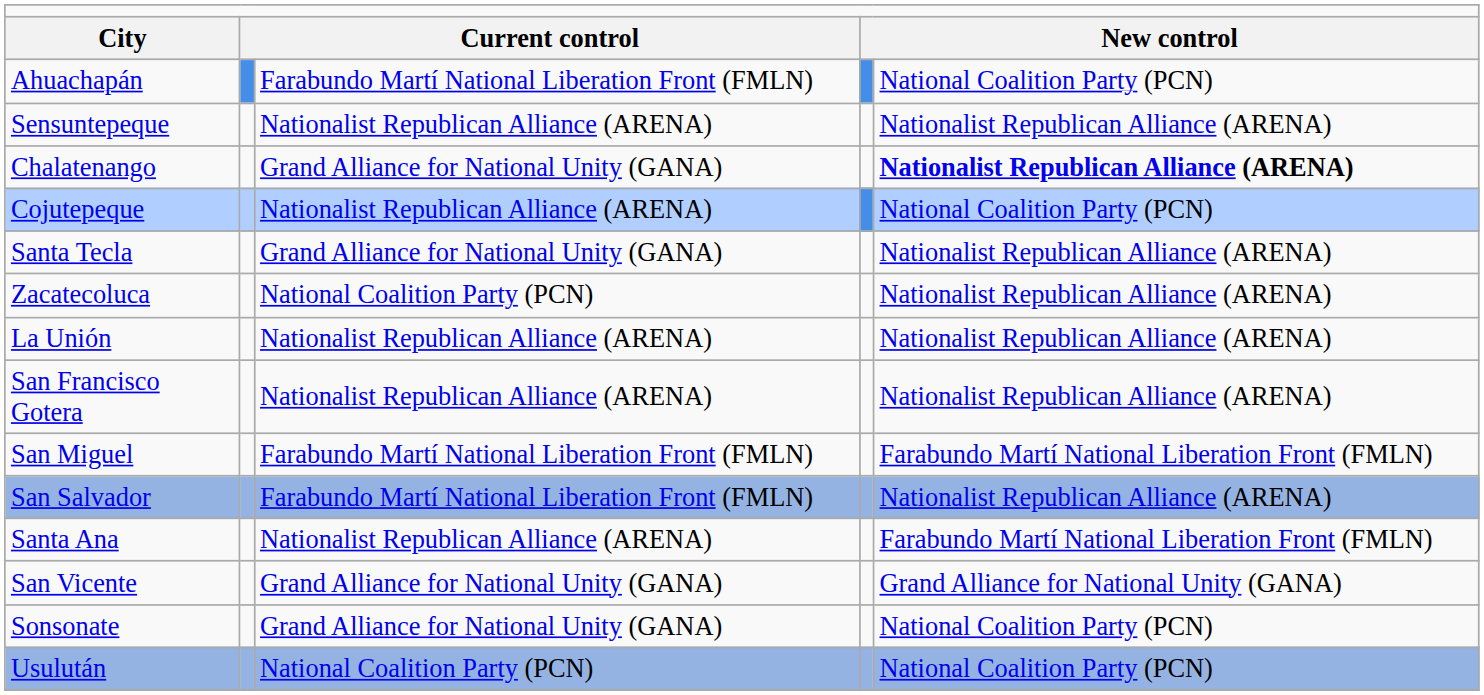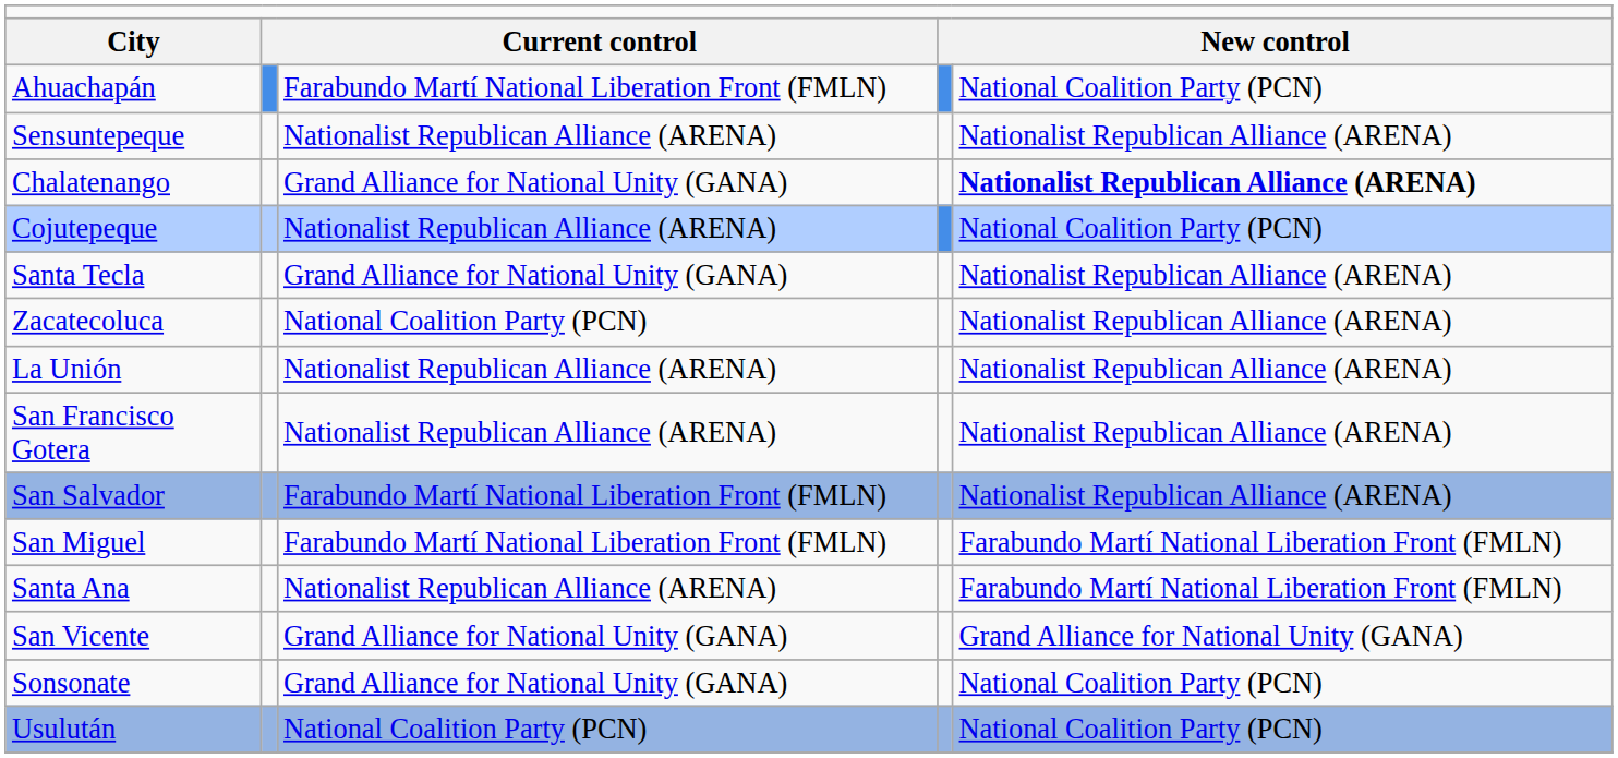 <table class="wikitable" style="font-size:97%;">
 <tr>
 <td colspan=5 align=center></td>
 </tr>
 <tr>
 <th>City</th>
 <th colspan="2" style="width:375px;">Current control</th>
 <th colspan="2" style="width:375px;">New control</th>
 </tr>
 <tr>
 <td><a href='#'>Ahuachapán</a></td>
 <td width="1" bgcolor=#448de8></td>
 <td><a href='#'>Farabundo Martí National Liberation Front</a> (FMLN)</td>
 <td width="1" bgcolor=#448de8></td>
 <td><a href='#'>National Coalition Party</a> (PCN)</td>
 </tr>
 <tr>
 <td><a href='#'>Sensuntepeque</a></td>
 <td width="1"></td>
 <td><a href='#'>Nationalist Republican Alliance</a> (ARENA)</td>
 <td width="1"></td>
 <td><a href='#'>Nationalist Republican Alliance</a> (ARENA)</td>
 </tr>
 <tr>
 <td><a href='#'>Chalatenango</a></td>
 <td width="1"></td>
 <td><a href='#'>Grand Alliance for National Unity</a> (GANA)</td>
 <td width="1"></td>
 <td><strong><a href='#'>Nationalist Republican Alliance</a> (ARENA)</strong></td>
 </tr>
 <tr bgcolor="#B0CEFF" |>
 <td><a href='#'>Cojutepeque</a></td>
 <td width="1"></td>
 <td><a href='#'>Nationalist Republican Alliance</a> (ARENA)</td>
 <td width="1" bgcolor=#448de8></td>
 <td><a href='#'>National Coalition Party</a> (PCN)</td>
 </tr>
 <tr>
 <td><a href='#'>Santa Tecla</a></td>
 <td width="1"></td>
 <td><a href='#'>Grand Alliance for National Unity</a> (GANA)</td>
 <td width="1"></td>
 <td><a href='#'>Nationalist Republican Alliance</a> (ARENA)</td>
 </tr>
 <tr>
 <td><a href='#'>Zacatecoluca</a></td>
 <td width="1"></td>
 <td><a href='#'>National Coalition Party</a> (PCN)</td>
 <td width="1"></td>
 <td><a href='#'>Nationalist Republican Alliance</a> (ARENA)</td>
 </tr>
 <tr>
 <td><a href='#'>La Unión</a></td>
 <td width="1"></td>
 <td><a href='#'>Nationalist Republican Alliance</a> (ARENA)</td>
 <td width="1"></td>
 <td><a href='#'>Nationalist Republican Alliance</a> (ARENA)</td>
 </tr>
 <tr>
 <td><a href='#'>San Francisco Gotera</a></td>
 <td width="1"></td>
 <td><a href='#'>Nationalist Republican Alliance</a> (ARENA)</td>
 <td width="1"></td>
 <td><a href='#'>Nationalist Republican Alliance</a> (ARENA)</td>
 </tr>
+<tr bgcolor="#94B3E2" |>
+<td><a href='#'>San Salvador</a></td>
+<td width="1"></td>
+<td><a href='#'>Farabundo Martí National Liberation Front</a> (FMLN)</td>
+<td width="1"></td>
+<td><a href='#'>Nationalist Republican Alliance</a> (ARENA)</td>
+</tr>
 <tr>
 <td><a href='#'>San Miguel</a></td>
 <td width="1"></td>
 <td><a href='#'>Farabundo Martí National Liberation Front</a> (FMLN)</td>
 <td width="1"></td>
 <td><a href='#'>Farabundo Martí National Liberation Front</a> (FMLN)</td>
-</tr>
-<tr bgcolor="#94B3E2" |>
-<td><a href='#'>San Salvador</a></td>
-<td width="1"></td>
-<td><a href='#'>Farabundo Martí National Liberation Front</a> (FMLN)</td>
-<td width="1"></td>
-<td><a href='#'>Nationalist Republican Alliance</a> (ARENA)</td>
 </tr>
 <tr>
 <td><a href='#'>Santa Ana</a></td>
 <td width="1"></td>
 <td><a href='#'>Nationalist Republican Alliance</a> (ARENA)</td>
 <td width="1"></td>
 <td><a href='#'>Farabundo Martí National Liberation Front</a> (FMLN)</td>
 </tr>
 <tr>
 <td><a href='#'>San Vicente</a></td>
 <td width="1"></td>
 <td><a href='#'>Grand Alliance for National Unity</a> (GANA)</td>
 <td width="1"></td>
 <td><a href='#'>Grand Alliance for National Unity</a> (GANA)</td>
 </tr>
 <tr>
 <td><a href='#'>Sonsonate</a></td>
 <td width="1"></td>
 <td><a href='#'>Grand Alliance for National Unity</a> (GANA)</td>
 <td width="1"></td>
 <td><a href='#'>National Coalition Party</a> (PCN)</td>
 </tr>
 <tr bgcolor="#94B3E2" |>
 <td><a href='#'>Usulután</a></td>
 <td width="1" bgcolor=></td>
 <td><a href='#'>National Coalition Party</a> (PCN)</td>
 <td width="1"></td>
 <td><a href='#'>National Coalition Party</a> (PCN)</td>
 </tr>
 <tr>
 </tr>
 </table>
